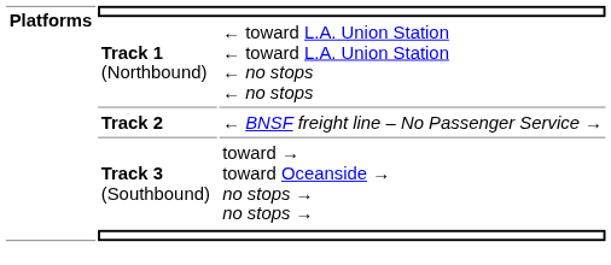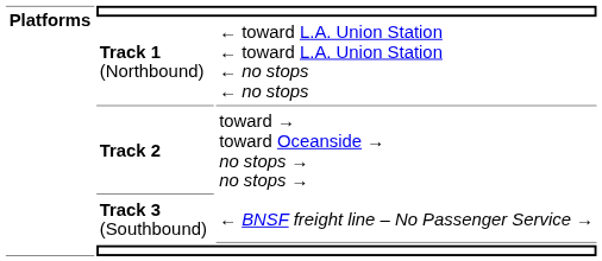 <table cellpadding="3">
 <tr>
 <td rowspan="5" valign="top" width="50" style="border-top:solid 1px gray;border-bottom:solid 1px gray"><strong>Platforms</strong></td>
 <td colspan="2" style="border-top:solid 2px black;border-right:solid 2px black;border-left:solid 2px black;border-bottom:solid 2px black;text-align:center"></td>
 </tr>
 <tr>
 <td width="100" style="border-bottom:solid 1px gray"><strong>Track 1</strong> (Northbound)</td>
 <td style="border-bottom:solid 1px gray">←  toward <a href='#'>L.A. Union Station</a> <br>←  toward <a href='#'>L.A. Union Station</a> <br>←  <em>no stops</em><br>←  <em>no stops</em></td>
 </tr>
 <tr>
 <td style="border-bottom:solid 1px gray"><strong>Track 2</strong></td>
-<td style="border-bottom:solid 1px gray">← <em><a href='#'>BNSF</a> freight line – No Passenger Service</em> →</td>
+<td> toward   →<br> toward <a href='#'>Oceanside</a>  →<br> <em>no stops</em> →<br> <em>no stops →</em></td>
 </tr>
 <tr>
 <td><strong>Track 3</strong> (Southbound)</td>
-<td> toward   →<br> toward <a href='#'>Oceanside</a>  →<br> <em>no stops</em> →<br> <em>no stops →</em></td>
+<td style="border-bottom:solid 1px gray">← <em><a href='#'>BNSF</a> freight line – No Passenger Service</em> →</td>
 </tr>
 <tr>
 <td colspan="2" style="border-top:solid 2px black;border-right:solid 2px black;border-left:solid 2px black;border-bottom:solid 2px black;text-align:center"></td>
 </tr>
 </table>
